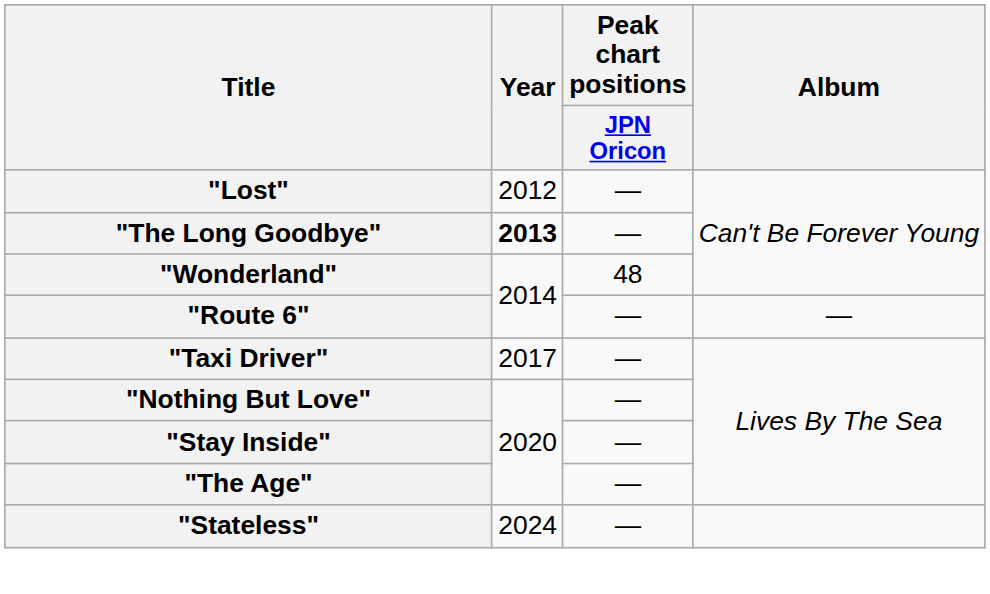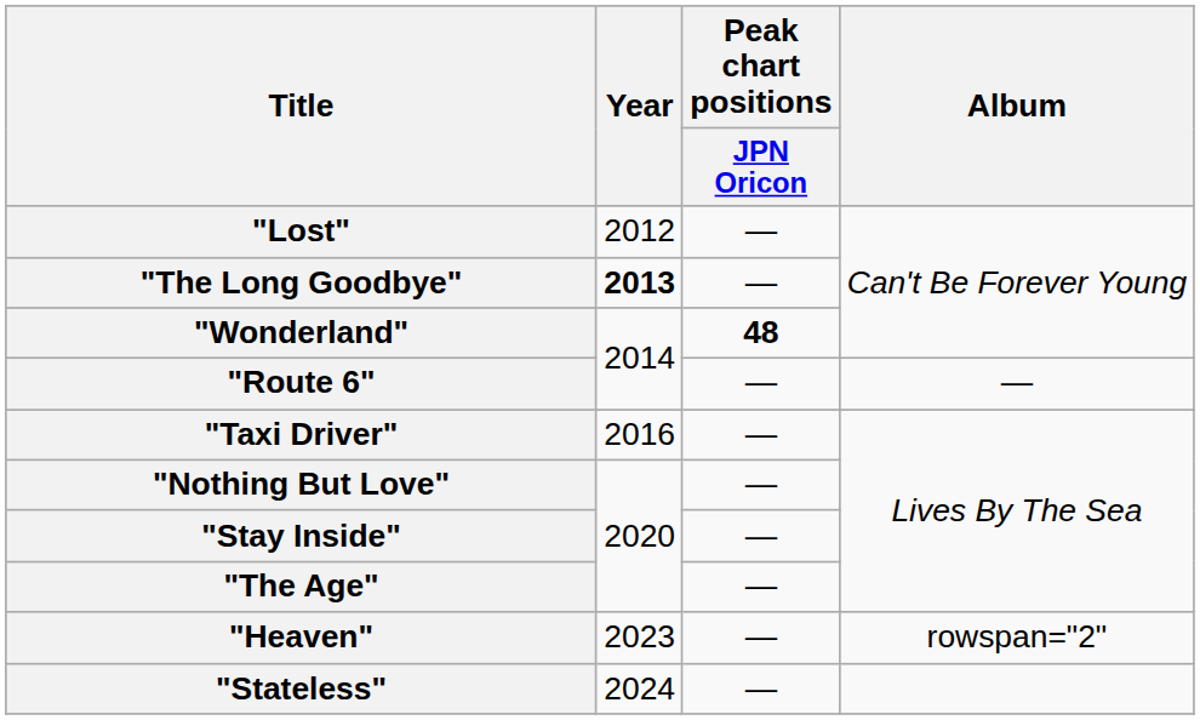 <table class="wikitable plainrowheaders" style="text-align:center;" border="1">
 <tr>
 <th scope="col" rowspan="2" style="width:18em;">Title</th>
 <th scope="col" rowspan="2">Year</th>
 <th scope="col" colspan="1">Peak chart positions</th>
 <th scope="col" rowspan="2">Album</th>
 </tr>
 <tr>
 <th scope="col" style="width:3em;font-size:90%;"><a href='#'>JPN<br>Oricon</a><br></th>
 </tr>
 <tr>
 <th scope="row">"Lost"</th>
 <td>2012</td>
 <td>—</td>
 <td rowspan="3"><em>Can't Be Forever Young</em></td>
 </tr>
 <tr>
 <th scope="row">"The Long Goodbye"</th>
 <td><strong>2013</strong></td>
 <td>—</td>
 </tr>
 <tr>
 <th scope="row">"Wonderland"</th>
 <td rowspan="2">2014</td>
-<td>48</td>
+<td><strong>48</strong></td>
 </tr>
 <tr>
 <th scope="row">"Route 6"</th>
 <td>—</td>
 <td>—</td>
 </tr>
 <tr>
 <th scope="row">"Taxi Driver"</th>
-<td>2017</td>
+<td>2016</td>
 <td>—</td>
 <td rowspan="4"><em>Lives By The Sea</em></td>
 </tr>
 <tr>
 <th scope="row">"Nothing But Love"</th>
 <td rowspan="3">2020</td>
 <td>—</td>
 </tr>
 <tr>
 <th scope="row">"Stay Inside"<br></th>
 <td>—</td>
 </tr>
 <tr>
 <th scope="row">"The Age"<br></th>
 <td>—</td>
 </tr>
 <tr>
+<th scope="row">"Heaven"<br></th>
+<td>2023</td>
+<td>—</td>
+<td>rowspan="2" </td>
+</tr>
+<tr>
 <th scope="row">"Stateless"<br></th>
 <td>2024</td>
 <td>—</td>
 </tr>
 </table>
